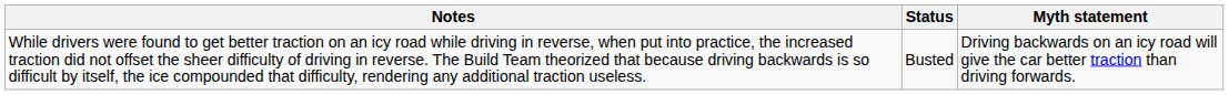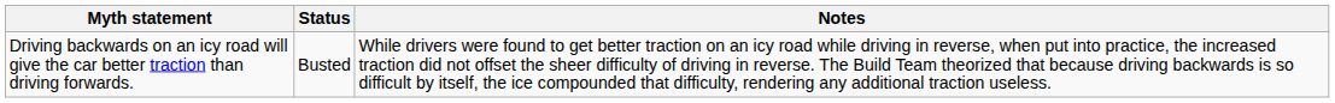 <table class="wikitable plainrowheaders">
 <tr>
+<th>Myth statement</th>
+<th>Status</th>
 <th>Notes</th>
-<th>Status</th>
-<th>Myth statement</th>
 </tr>
 <tr>
+<td>Driving backwards on an icy road will give the car better <a href='#'>traction</a> than driving forwards.</td>
+<td><span>Busted</span></td>
 <td>While drivers were found to get better traction on an icy road while driving in reverse, when put into practice, the increased traction did not offset the sheer difficulty of driving in reverse. The Build Team theorized that because driving backwards is so difficult by itself, the ice compounded that difficulty, rendering any additional traction useless.</td>
-<td><span>Busted</span></td>
-<td>Driving backwards on an icy road will give the car better <a href='#'>traction</a> than driving forwards.</td>
 </tr>
 </table>
